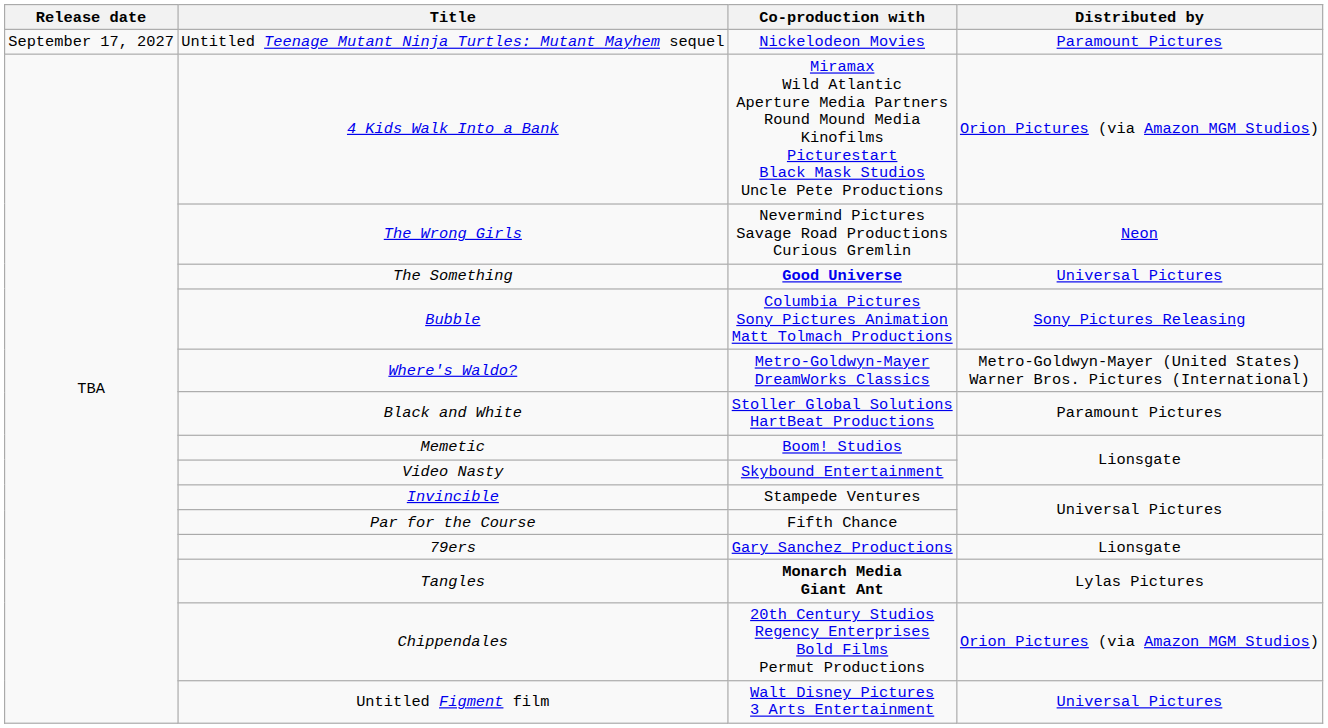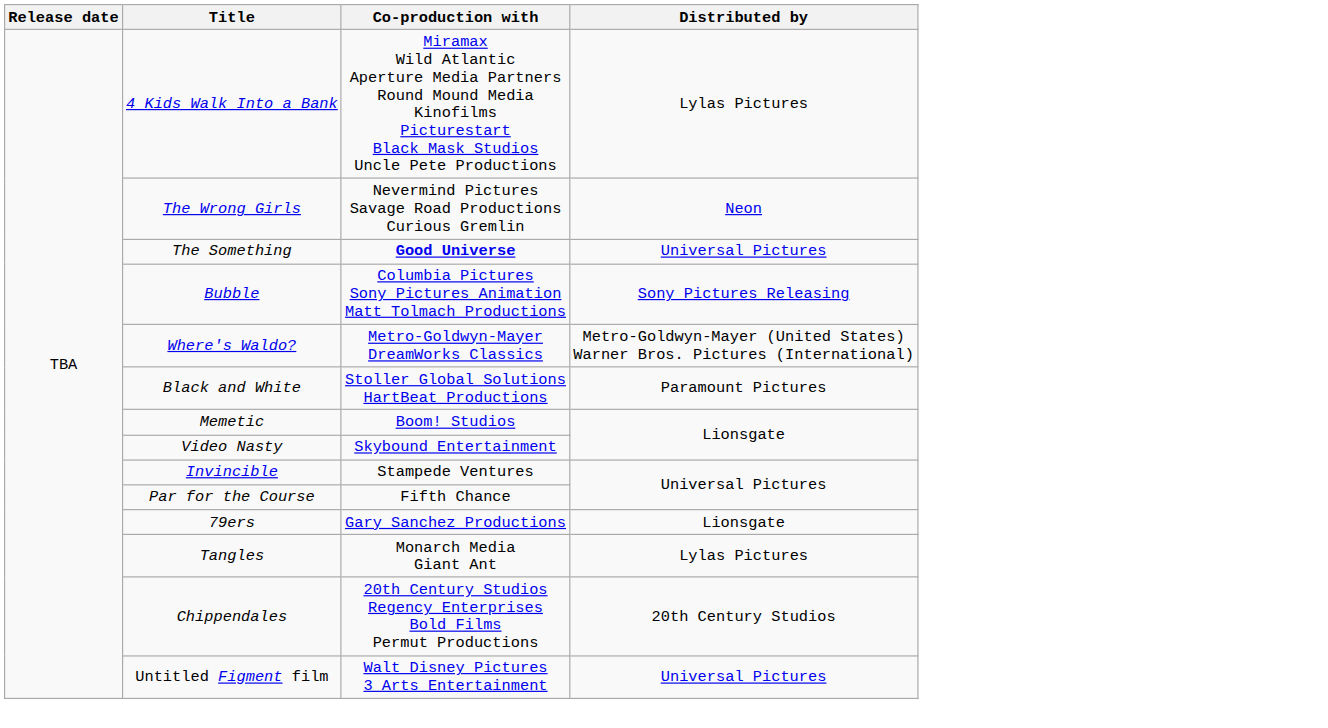 <table class="wikitable" style="text-align:center;">
 <tr>
 <th scope="col">Release date</th>
 <th scope="col">Title</th>
 <th scope="col">Co-production with</th>
 <th scope="col">Distributed by</th>
 </tr>
 <tr>
-<td>September 17, 2027</td>
-<td>Untitled <em><a href='#'>Teenage Mutant Ninja Turtles: Mutant Mayhem</a></em> sequel</td>
-<td><a href='#'>Nickelodeon Movies</a></td>
-<td><a href='#'>Paramount Pictures</a></td>
-</tr>
-<tr>
 <td rowspan="14">TBA</td>
 <td><em><a href='#'>4 Kids Walk Into a Bank</a></em></td>
 <td><a href='#'>Miramax</a><br>Wild Atlantic<br>Aperture Media Partners<br>Round Mound Media<br>Kinofilms<br><a href='#'>Picturestart</a><br><a href='#'>Black Mask Studios</a><br>Uncle Pete Productions</td>
-<td><a href='#'>Orion Pictures</a> (via <a href='#'>Amazon MGM Studios</a>)</td>
+<td>Lylas Pictures</td>
 </tr>
 <tr>
 <td><em><a href='#'>The Wrong Girls</a></em></td>
 <td>Nevermind Pictures<br>Savage Road Productions<br>Curious Gremlin</td>
 <td><a href='#'>Neon</a></td>
 </tr>
 <tr>
 <td><em>The Something</em></td>
 <td><strong><a href='#'>Good Universe</a></strong></td>
 <td><a href='#'>Universal Pictures</a></td>
 </tr>
 <tr>
 <td><em><a href='#'>Bubble</a></em></td>
 <td><a href='#'>Columbia Pictures</a><br><a href='#'>Sony Pictures Animation</a><br><a href='#'>Matt Tolmach Productions</a></td>
 <td><a href='#'>Sony Pictures Releasing</a></td>
 </tr>
 <tr>
 <td><em><a href='#'>Where's Waldo?</a></em></td>
 <td><a href='#'>Metro-Goldwyn-Mayer</a><br><a href='#'>DreamWorks Classics</a></td>
 <td>Metro-Goldwyn-Mayer (United States)<br>Warner Bros. Pictures (International)</td>
 </tr>
 <tr>
 <td><em>Black and White</em></td>
 <td><a href='#'>Stoller Global Solutions</a><br><a href='#'>HartBeat Productions</a></td>
 <td>Paramount Pictures</td>
 </tr>
 <tr>
 <td><em>Memetic</em></td>
 <td><a href='#'>Boom! Studios</a></td>
 <td rowspan="2">Lionsgate</td>
 </tr>
 <tr>
 <td><em>Video Nasty</em></td>
 <td><a href='#'>Skybound Entertainment</a></td>
 </tr>
 <tr>
 <td><a href='#'><em>Invincible</em></a></td>
 <td>Stampede Ventures</td>
 <td rowspan="2">Universal Pictures</td>
 </tr>
 <tr>
 <td><em>Par for the Course</em></td>
 <td>Fifth Chance</td>
 </tr>
 <tr>
 <td><em>79ers</em></td>
 <td><a href='#'>Gary Sanchez Productions</a></td>
 <td>Lionsgate</td>
 </tr>
 <tr>
 <td><em>Tangles</em></td>
-<td><strong>Monarch Media<br>Giant Ant</strong></td>
+<td>Monarch Media<br>Giant Ant</td>
 <td>Lylas Pictures</td>
 </tr>
 <tr>
 <td><em>Chippendales</em></td>
 <td><a href='#'>20th Century Studios</a><br><a href='#'>Regency Enterprises</a><br><a href='#'>Bold Films</a><br>Permut Productions</td>
-<td><a href='#'>Orion Pictures</a> (via <a href='#'>Amazon MGM Studios</a>)</td>
+<td>20th Century Studios</td>
 </tr>
 <tr>
 <td>Untitled <em><a href='#'>Figment</a></em> film</td>
 <td><a href='#'>Walt Disney Pictures</a><br><a href='#'>3 Arts Entertainment</a></td>
 <td><a href='#'>Universal Pictures</a></td>
 </tr>
 </table>
